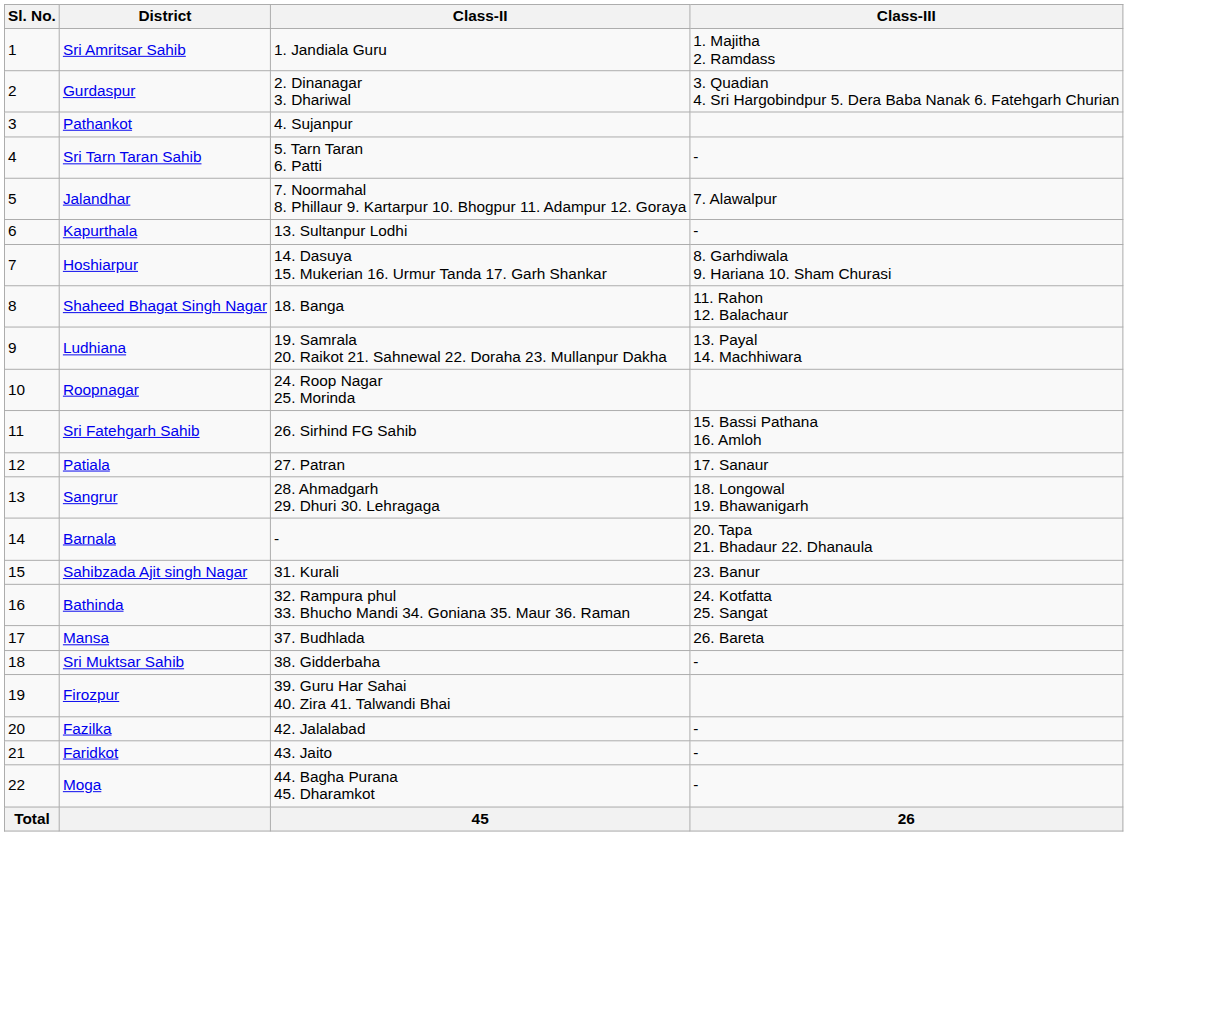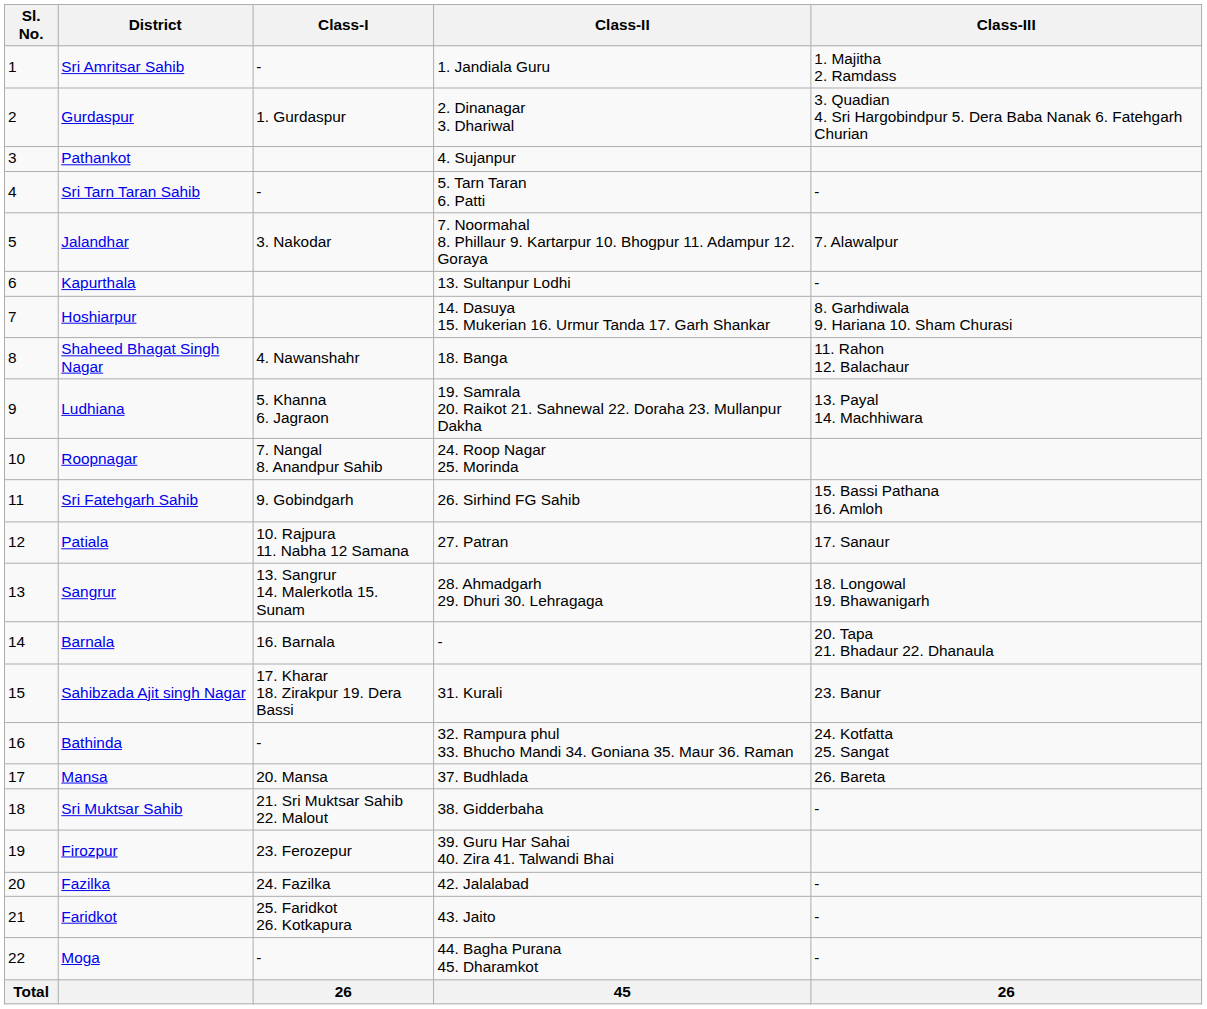 <table class="wikitable">
 <tr>
 <th>Sl. No.</th>
 <th>District</th>
+<th>Class-I</th>
 <th>Class-II</th>
 <th>Class-III</th>
 </tr>
 <tr>
 <td>1</td>
 <td><a href='#'>Sri Amritsar Sahib</a></td>
+<td>-</td>
 <td>1. Jandiala Guru</td>
 <td>1. Majitha<br>2. Ramdass</td>
 </tr>
 <tr>
 <td>2</td>
 <td><a href='#'>Gurdaspur</a></td>
+<td>1. Gurdaspur</td>
 <td>2. Dinanagar<br>3. Dhariwal</td>
 <td>3. Quadian<br>4. Sri Hargobindpur 5. Dera Baba Nanak 6. Fatehgarh Churian</td>
 </tr>
 <tr>
 <td>3</td>
 <td><a href='#'>Pathankot</a></td>
+<td></td>
 <td>4. Sujanpur</td>
 <td></td>
 </tr>
 <tr>
 <td>4</td>
 <td><a href='#'>Sri Tarn Taran Sahib</a></td>
+<td>-</td>
 <td>5. Tarn Taran<br>6. Patti</td>
 <td>-</td>
 </tr>
 <tr>
 <td>5</td>
 <td><a href='#'>Jalandhar</a></td>
+<td>3. Nakodar</td>
 <td>7. Noormahal<br>8. Phillaur 9. Kartarpur 10. Bhogpur 11. Adampur 12. Goraya</td>
 <td>7. Alawalpur</td>
 </tr>
 <tr>
 <td>6</td>
 <td><a href='#'>Kapurthala</a></td>
+<td></td>
 <td>13. Sultanpur Lodhi</td>
 <td>-</td>
 </tr>
 <tr>
 <td>7</td>
 <td><a href='#'>Hoshiarpur</a></td>
+<td></td>
 <td>14. Dasuya<br>15. Mukerian 16. Urmur Tanda 17. Garh Shankar</td>
 <td>8. Garhdiwala<br>9. Hariana 10. Sham Churasi</td>
 </tr>
 <tr>
 <td>8</td>
 <td><a href='#'>Shaheed Bhagat Singh Nagar</a></td>
+<td>4. Nawanshahr</td>
 <td>18. Banga</td>
 <td>11. Rahon<br>12. Balachaur</td>
 </tr>
 <tr>
 <td>9</td>
 <td><a href='#'>Ludhiana</a></td>
+<td>5. Khanna<br>6. Jagraon</td>
 <td>19. Samrala<br>20. Raikot 21. Sahnewal 22. Doraha 23. Mullanpur Dakha</td>
 <td>13. Payal<br>14. Machhiwara</td>
 </tr>
 <tr>
 <td>10</td>
 <td><a href='#'>Roopnagar</a></td>
+<td>7. Nangal<br>8. Anandpur Sahib</td>
 <td>24. Roop Nagar<br>25. Morinda</td>
 <td></td>
 </tr>
 <tr>
 <td>11</td>
 <td><a href='#'>Sri Fatehgarh Sahib</a></td>
+<td>9. Gobindgarh</td>
 <td>26. Sirhind FG Sahib</td>
 <td>15. Bassi Pathana<br>16. Amloh</td>
 </tr>
 <tr>
 <td>12</td>
 <td><a href='#'>Patiala</a></td>
+<td>10. Rajpura<br>11. Nabha 12 Samana</td>
 <td>27. Patran</td>
 <td>17. Sanaur</td>
 </tr>
 <tr>
 <td>13</td>
 <td><a href='#'>Sangrur</a></td>
+<td>13. Sangrur<br>14. Malerkotla 15. Sunam</td>
 <td>28. Ahmadgarh<br>29. Dhuri 30. Lehragaga</td>
 <td>18. Longowal<br>19. Bhawanigarh</td>
 </tr>
 <tr>
 <td>14</td>
 <td><a href='#'>Barnala</a></td>
+<td>16. Barnala</td>
 <td>-</td>
 <td>20. Tapa<br>21. Bhadaur 22. Dhanaula</td>
 </tr>
 <tr>
 <td>15</td>
 <td><a href='#'>Sahibzada Ajit singh Nagar</a></td>
+<td>17. Kharar<br>18. Zirakpur 19. Dera Bassi</td>
 <td>31. Kurali</td>
 <td>23. Banur</td>
 </tr>
 <tr>
 <td>16</td>
 <td><a href='#'>Bathinda</a></td>
+<td>-</td>
 <td>32. Rampura phul<br>33. Bhucho Mandi 34. Goniana 35. Maur 36. Raman</td>
 <td>24. Kotfatta<br>25. Sangat</td>
 </tr>
 <tr>
 <td>17</td>
 <td><a href='#'>Mansa</a></td>
+<td>20. Mansa</td>
 <td>37. Budhlada</td>
 <td>26. Bareta</td>
 </tr>
 <tr>
 <td>18</td>
 <td><a href='#'>Sri Muktsar Sahib</a></td>
+<td>21. Sri Muktsar Sahib<br>22. Malout</td>
 <td>38. Gidderbaha</td>
 <td>-</td>
 </tr>
 <tr>
 <td>19</td>
 <td><a href='#'>Firozpur</a></td>
+<td>23. Ferozepur</td>
 <td>39. Guru Har Sahai<br>40. Zira 41. Talwandi Bhai</td>
 <td></td>
 </tr>
 <tr>
 <td>20</td>
 <td><a href='#'>Fazilka</a></td>
+<td>24. Fazilka</td>
 <td>42. Jalalabad</td>
 <td>-</td>
 </tr>
 <tr>
 <td>21</td>
 <td><a href='#'>Faridkot</a></td>
+<td>25. Faridkot<br>26. Kotkapura</td>
 <td>43. Jaito</td>
 <td>-</td>
 </tr>
 <tr>
 <td>22</td>
 <td><a href='#'>Moga</a></td>
+<td>-</td>
 <td>44. Bagha Purana<br>45. Dharamkot</td>
 <td>-</td>
 </tr>
 <tr>
 <th>Total</th>
 <th></th>
+<th>26</th>
 <th>45</th>
 <th>26</th>
 </tr>
 </table>
